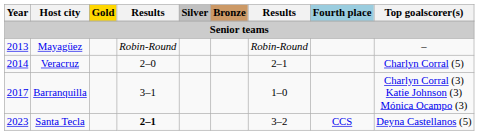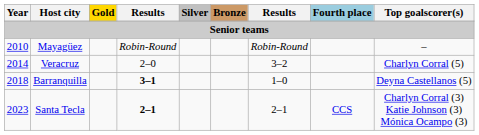 <table class="wikitable" style="text-align: center;">
 <tr>
 <th>Year</th>
 <th>Host city</th>
 <th style="background:gold">Gold</th>
 <th>Results</th>
 <th style="background:silver">Silver</th>
 <th style="background:#c96">Bronze</th>
 <th>Results</th>
 <th style="background:#9acddf">Fourth place</th>
 <th>Top goalscorer(s)</th>
 </tr>
 <tr>
 </tr>
 <tr bgcolor=#cccccc align=center>
 <td colspan=10><strong>Senior teams</strong></td>
 </tr>
 <tr>
-<td><a href='#'>2013</a></td>
+<td><a href='#'>2010</a></td>
 <td> <a href='#'>Mayagüez</a></td>
 <td><strong></strong></td>
 <td><em>Robin-Round</em></td>
 <td></td>
 <td></td>
 <td><em>Robin-Round</em></td>
 <td></td>
 <td>–</td>
 </tr>
 <tr>
 <td><a href='#'>2014</a></td>
 <td> <a href='#'>Veracruz</a></td>
 <td><strong></strong></td>
 <td>2–0</td>
 <td></td>
 <td></td>
-<td>2–1</td>
+<td>3–2<br><small></small></td>
 <td></td>
 <td> <a href='#'>Charlyn Corral</a> (5)</td>
 </tr>
 <tr>
-<td><a href='#'>2017</a></td>
+<td><a href='#'>2018</a></td>
 <td> <a href='#'>Barranquilla</a></td>
 <td><strong></strong></td>
-<td>3–1</td>
+<td><strong>3–1</strong></td>
 <td></td>
 <td></td>
 <td>1–0</td>
 <td></td>
-<td> <a href='#'>Charlyn Corral</a> (3)<br> <a href='#'>Katie Johnson</a> (3)<br> <a href='#'>Mónica Ocampo</a> (3)</td>
+<td> <a href='#'>Deyna Castellanos</a> (5)</td>
 </tr>
 <tr>
 <td><a href='#'>2023</a></td>
 <td> <a href='#'>Santa Tecla</a></td>
 <td><strong></strong></td>
 <td><strong>2–1<br><small></small></strong></td>
 <td></td>
 <td></td>
-<td>3–2<br><small></small></td>
+<td>2–1</td>
 <td><a href='#'>CCS</a></td>
-<td> <a href='#'>Deyna Castellanos</a> (5)</td>
+<td> <a href='#'>Charlyn Corral</a> (3)<br> <a href='#'>Katie Johnson</a> (3)<br> <a href='#'>Mónica Ocampo</a> (3)</td>
 </tr>
 </table>
